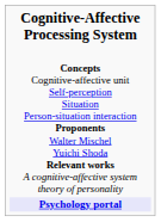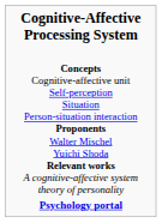 <table class="infobox" style="text-align:center; width:200px;">
 <tr>
 <td colspan="2"><big><strong>Cognitive-Affective Processing System</strong></big></td>
 </tr>
 <tr>
 </tr>
 <tr>
 <td></td>
 </tr>
 <tr>
 <td style="font-size:85%"><br><strong>Concepts</strong><br> Cognitive-affective unit<br> <a href='#'>Self-perception</a> <br> <a href='#'>Situation</a> <br> <a href='#'>Person-situation interaction</a><br><strong>Proponents</strong><br> <a href='#'>Walter Mischel</a><br> <a href='#'>Yuichi Shoda</a><br><strong>Relevant works</strong><br> <em>A cognitive-affective system theory of personality</em><br></td>
 </tr>
 <tr>
-<td style="background: lavender; font-size:90%"><strong><a href='#'>Psychology portal</a></strong></td>
+<td style="font-size:90%"><strong><a href='#'>Psychology portal</a></strong></td>
 </tr>
 </table>
